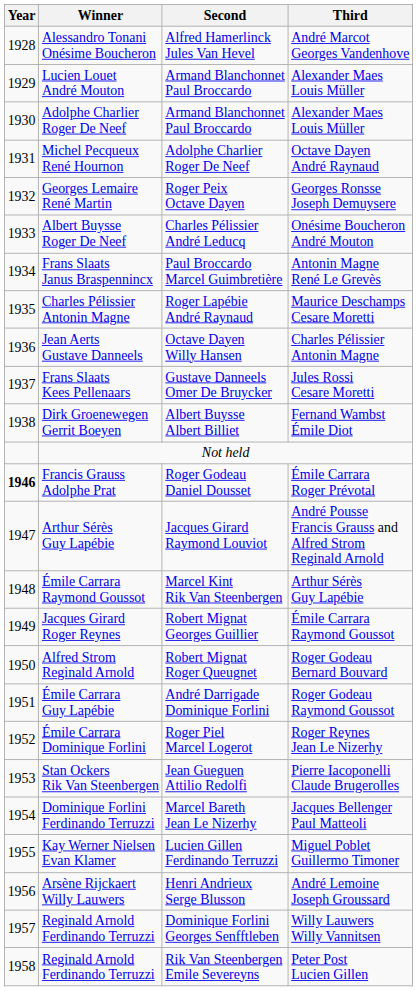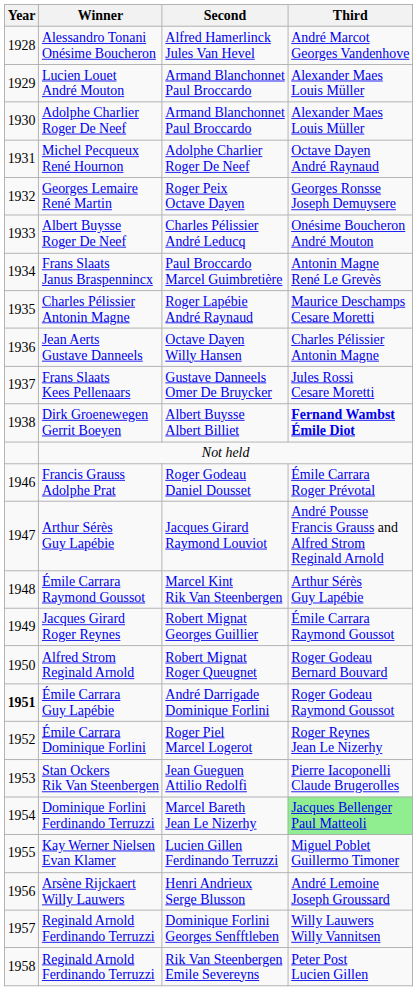 <table class="wikitable">
 <tr>
 <th>Year</th>
 <th>Winner</th>
 <th>Second</th>
 <th>Third</th>
 </tr>
 <tr>
 <td>1928</td>
 <td> <a href='#'>Alessandro Tonani</a><br> <a href='#'>Onésime Boucheron</a></td>
 <td> <a href='#'>Alfred Hamerlinck</a><br> <a href='#'>Jules Van Hevel</a></td>
 <td> <a href='#'>André Marcot</a><br> <a href='#'>Georges Vandenhove</a></td>
 </tr>
 <tr>
 <td>1929</td>
 <td> <a href='#'>Lucien Louet</a><br> <a href='#'>André Mouton</a></td>
 <td> <a href='#'>Armand Blanchonnet</a><br> <a href='#'>Paul Broccardo</a></td>
 <td> <a href='#'>Alexander Maes</a><br> <a href='#'>Louis Müller</a></td>
 </tr>
 <tr>
 <td>1930</td>
 <td> <a href='#'>Adolphe Charlier</a><br> <a href='#'>Roger De Neef</a></td>
 <td> <a href='#'>Armand Blanchonnet</a><br> <a href='#'>Paul Broccardo</a></td>
 <td> <a href='#'>Alexander Maes</a><br> <a href='#'>Louis Müller</a></td>
 </tr>
 <tr>
 <td>1931</td>
 <td> <a href='#'>Michel Pecqueux</a><br> <a href='#'>René Hournon</a></td>
 <td> <a href='#'>Adolphe Charlier</a><br> <a href='#'>Roger De Neef</a></td>
 <td> <a href='#'>Octave Dayen</a><br> <a href='#'>André Raynaud</a></td>
 </tr>
 <tr>
 <td>1932</td>
 <td> <a href='#'>Georges Lemaire</a><br> <a href='#'>René Martin</a></td>
 <td> <a href='#'>Roger Peix</a><br> <a href='#'>Octave Dayen</a></td>
 <td> <a href='#'>Georges Ronsse</a><br> <a href='#'>Joseph Demuysere</a></td>
 </tr>
 <tr>
 <td>1933</td>
 <td> <a href='#'>Albert Buysse</a><br> <a href='#'>Roger De Neef</a></td>
 <td> <a href='#'>Charles Pélissier</a><br> <a href='#'>André Leducq</a></td>
 <td> <a href='#'>Onésime Boucheron</a><br> <a href='#'>André Mouton</a></td>
 </tr>
 <tr>
 <td>1934</td>
 <td> <a href='#'>Frans Slaats</a><br> <a href='#'>Janus Braspennincx</a></td>
 <td> <a href='#'>Paul Broccardo</a><br> <a href='#'>Marcel Guimbretière</a></td>
 <td> <a href='#'>Antonin Magne</a><br> <a href='#'>René Le Grevès</a></td>
 </tr>
 <tr>
 <td>1935</td>
 <td> <a href='#'>Charles Pélissier</a><br> <a href='#'>Antonin Magne</a></td>
 <td> <a href='#'>Roger Lapébie</a><br> <a href='#'>André Raynaud</a></td>
 <td> <a href='#'>Maurice Deschamps</a><br> <a href='#'>Cesare Moretti</a></td>
 </tr>
 <tr>
 <td>1936</td>
 <td> <a href='#'>Jean Aerts</a><br> <a href='#'>Gustave Danneels</a></td>
 <td> <a href='#'>Octave Dayen</a><br> <a href='#'>Willy Hansen</a></td>
 <td> <a href='#'>Charles Pélissier</a><br> <a href='#'>Antonin Magne</a></td>
 </tr>
 <tr>
 <td>1937</td>
 <td> <a href='#'>Frans Slaats</a><br> <a href='#'>Kees Pellenaars</a></td>
 <td> <a href='#'>Gustave Danneels</a><br> <a href='#'>Omer De Bruycker</a></td>
 <td> <a href='#'>Jules Rossi</a><br> <a href='#'>Cesare Moretti</a></td>
 </tr>
 <tr>
 <td>1938</td>
 <td> <a href='#'>Dirk Groenewegen</a><br> <a href='#'>Gerrit Boeyen</a></td>
 <td> <a href='#'>Albert Buysse</a><br> <a href='#'>Albert Billiet</a></td>
-<td> <a href='#'>Fernand Wambst</a><br> <a href='#'>Émile Diot</a></td>
+<td><strong> <a href='#'>Fernand Wambst</a><br> <a href='#'>Émile Diot</a></strong></td>
 </tr>
 <tr>
 <td></td>
 <td colspan="3" align="center"><em>Not held</em></td>
 </tr>
 <tr>
-<td><strong>1946</strong></td>
+<td>1946</td>
 <td> <a href='#'>Francis Grauss</a><br> <a href='#'>Adolphe Prat</a></td>
 <td> <a href='#'>Roger Godeau</a><br> <a href='#'>Daniel Dousset</a></td>
 <td> <a href='#'>Émile Carrara</a><br> <a href='#'>Roger Prévotal</a></td>
 </tr>
 <tr>
 <td>1947</td>
 <td> <a href='#'>Arthur Sérès</a><br> <a href='#'>Guy Lapébie</a></td>
 <td> <a href='#'>Jacques Girard</a><br> <a href='#'>Raymond Louviot</a></td>
 <td> <a href='#'>André Pousse</a><br> <a href='#'>Francis Grauss</a> and <br> <a href='#'>Alfred Strom</a><br> <a href='#'>Reginald Arnold</a></td>
 </tr>
 <tr>
 <td>1948</td>
 <td> <a href='#'>Émile Carrara</a><br> <a href='#'>Raymond Goussot</a></td>
 <td> <a href='#'>Marcel Kint</a><br> <a href='#'>Rik Van Steenbergen</a></td>
 <td> <a href='#'>Arthur Sérès</a><br> <a href='#'>Guy Lapébie</a></td>
 </tr>
 <tr>
 <td>1949</td>
 <td> <a href='#'>Jacques Girard</a><br> <a href='#'>Roger Reynes</a></td>
 <td> <a href='#'>Robert Mignat</a><br> <a href='#'>Georges Guillier</a></td>
 <td> <a href='#'>Émile Carrara</a><br> <a href='#'>Raymond Goussot</a></td>
 </tr>
 <tr>
 <td>1950</td>
 <td> <a href='#'>Alfred Strom</a><br> <a href='#'>Reginald Arnold</a></td>
 <td> <a href='#'>Robert Mignat</a><br> <a href='#'>Roger Queugnet</a></td>
 <td> <a href='#'>Roger Godeau</a><br> <a href='#'>Bernard Bouvard</a></td>
 </tr>
 <tr>
-<td>1951</td>
+<td><strong>1951</strong></td>
 <td> <a href='#'>Émile Carrara</a><br> <a href='#'>Guy Lapébie</a></td>
 <td> <a href='#'>André Darrigade</a><br> <a href='#'>Dominique Forlini</a></td>
 <td> <a href='#'>Roger Godeau</a><br> <a href='#'>Raymond Goussot</a></td>
 </tr>
 <tr>
 <td>1952</td>
 <td> <a href='#'>Émile Carrara</a><br> <a href='#'>Dominique Forlini</a></td>
 <td> <a href='#'>Roger Piel</a><br> <a href='#'>Marcel Logerot</a></td>
 <td> <a href='#'>Roger Reynes</a><br> <a href='#'>Jean Le Nizerhy</a></td>
 </tr>
 <tr>
 <td>1953</td>
 <td> <a href='#'>Stan Ockers</a><br> <a href='#'>Rik Van Steenbergen</a></td>
 <td> <a href='#'>Jean Gueguen</a><br> <a href='#'>Attilio Redolfi</a></td>
 <td> <a href='#'>Pierre Iacoponelli</a><br> <a href='#'>Claude Brugerolles</a></td>
 </tr>
 <tr>
 <td>1954</td>
 <td> <a href='#'>Dominique Forlini</a><br> <a href='#'>Ferdinando Terruzzi</a></td>
 <td> <a href='#'>Marcel Bareth</a><br> <a href='#'>Jean Le Nizerhy</a></td>
-<td> <a href='#'>Jacques Bellenger</a><br> <a href='#'>Paul Matteoli</a></td>
+<td style="background: lightgreen;"> <a href='#'>Jacques Bellenger</a><br> <a href='#'>Paul Matteoli</a></td>
 </tr>
 <tr>
 <td>1955</td>
 <td> <a href='#'>Kay Werner Nielsen</a><br> <a href='#'>Evan Klamer</a></td>
 <td> <a href='#'>Lucien Gillen</a><br> <a href='#'>Ferdinando Terruzzi</a></td>
 <td> <a href='#'>Miguel Poblet</a><br> <a href='#'>Guillermo Timoner</a></td>
 </tr>
 <tr>
 <td>1956</td>
 <td> <a href='#'>Arsène Rijckaert</a><br> <a href='#'>Willy Lauwers</a></td>
 <td> <a href='#'>Henri Andrieux</a><br> <a href='#'>Serge Blusson</a></td>
 <td> <a href='#'>André Lemoine</a><br> <a href='#'>Joseph Groussard</a></td>
 </tr>
 <tr>
 <td>1957</td>
 <td> <a href='#'>Reginald Arnold</a><br> <a href='#'>Ferdinando Terruzzi</a></td>
 <td> <a href='#'>Dominique Forlini</a><br> <a href='#'>Georges Senfftleben</a></td>
 <td> <a href='#'>Willy Lauwers</a><br> <a href='#'>Willy Vannitsen</a></td>
 </tr>
 <tr>
 <td>1958</td>
 <td> <a href='#'>Reginald Arnold</a><br> <a href='#'>Ferdinando Terruzzi</a></td>
 <td> <a href='#'>Rik Van Steenbergen</a><br> <a href='#'>Emile Severeyns</a></td>
 <td> <a href='#'>Peter Post</a><br> <a href='#'>Lucien Gillen</a></td>
 </tr>
 </table>
